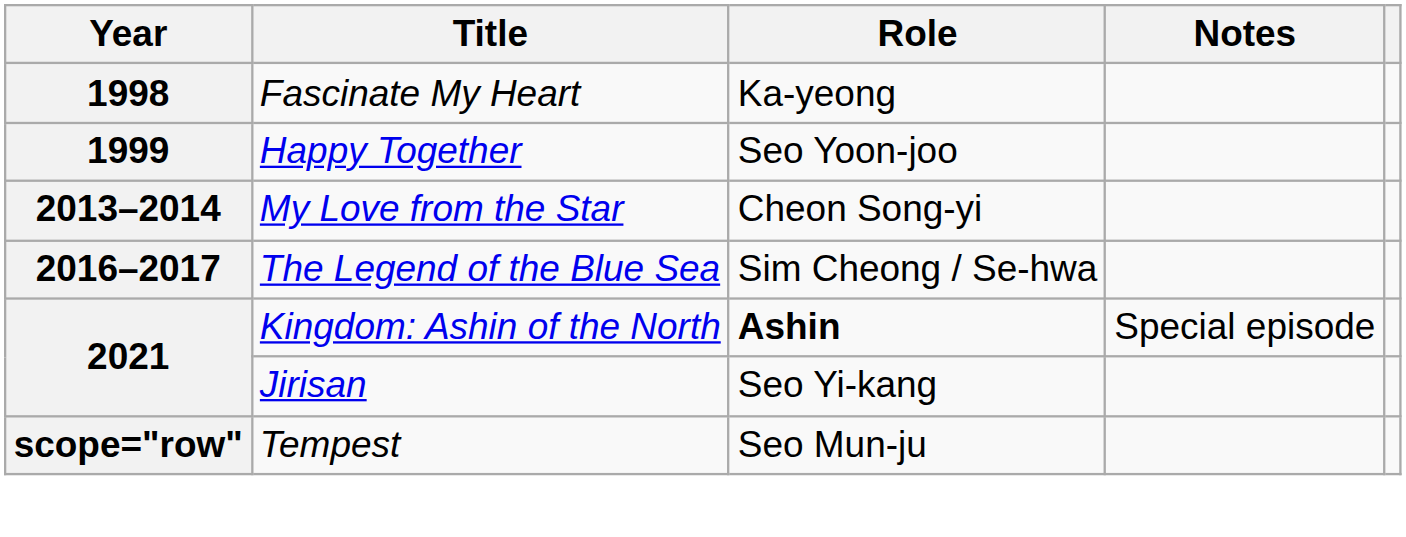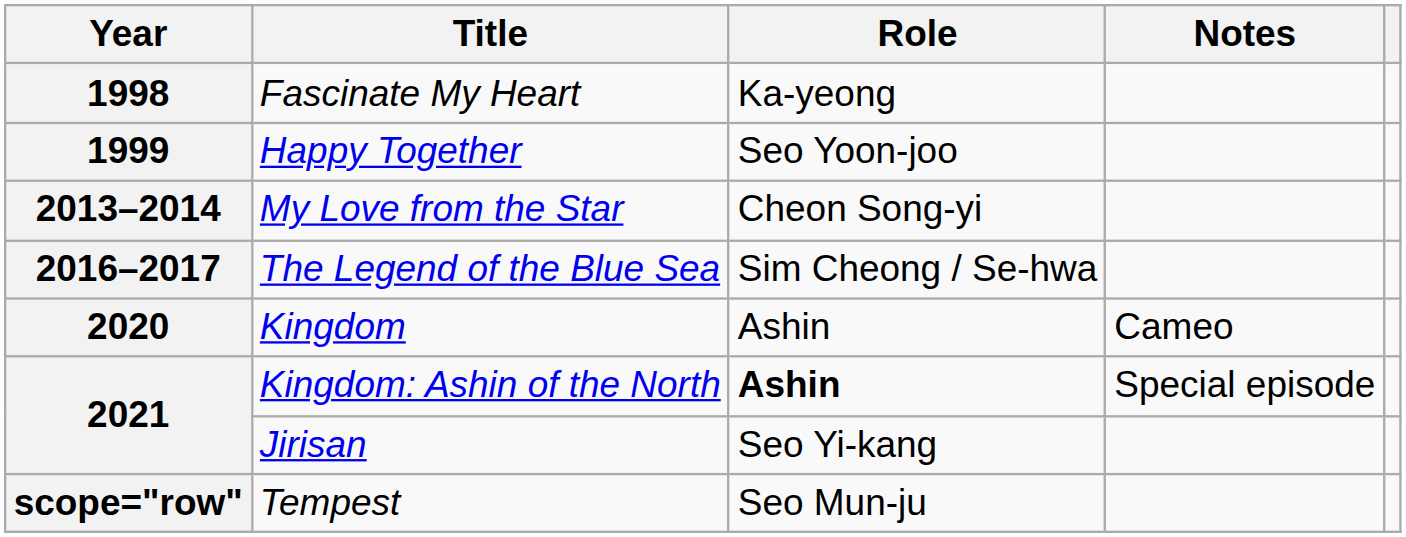 <table class="wikitable plainrowheaders sortable">
 <tr>
 <th scope="col">Year</th>
 <th scope="col">Title</th>
 <th scope="col">Role</th>
 <th scope="col" class="unsortable">Notes</th>
 <th scope="col" class="unsortable"></th>
 </tr>
 <tr>
 <th scope="row">1998</th>
 <td><em>Fascinate My Heart</em></td>
 <td>Ka-yeong</td>
 <td></td>
 <td style="text-align:center"></td>
 </tr>
 <tr>
 <th scope="row">1999</th>
 <td><em><a href='#'>Happy Together</a></em></td>
 <td>Seo Yoon-joo</td>
 <td></td>
 <td style="text-align:center"></td>
 </tr>
 <tr>
 <th scope="row">2013–2014</th>
 <td><em><a href='#'>My Love from the Star</a></em></td>
 <td>Cheon Song-yi</td>
 <td></td>
 <td style="text-align:center"></td>
 </tr>
 <tr>
 <th scope="row">2016–2017</th>
 <td><em><a href='#'>The Legend of the Blue Sea</a></em></td>
 <td>Sim Cheong / Se-hwa</td>
 <td></td>
 <td style="text-align:center"></td>
 </tr>
 <tr>
+<th scope="row">2020</th>
+<td><em><a href='#'>Kingdom</a></em></td>
+<td>Ashin</td>
+<td>Cameo</td>
+<td style="text-align:center"></td>
+</tr>
+<tr>
 <th scope="row" rowspan="2">2021</th>
 <td><em><a href='#'>Kingdom: Ashin of the North</a></em></td>
 <td><strong>Ashin</strong></td>
 <td>Special episode</td>
 <td style="text-align:center"></td>
 </tr>
 <tr>
 <td><em><a href='#'>Jirisan</a></em></td>
 <td>Seo Yi-kang</td>
 <td></td>
 <td style="text-align:center"></td>
 </tr>
 <tr>
 <th>scope="row" </th>
 <td><em>Tempest</em></td>
 <td>Seo Mun-ju</td>
 <td></td>
 <td style="text-align:center"></td>
 </tr>
 </table>
